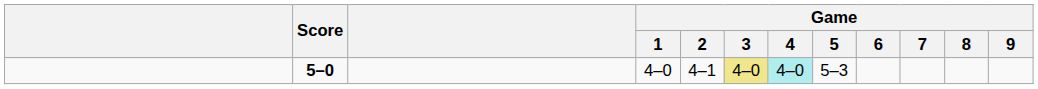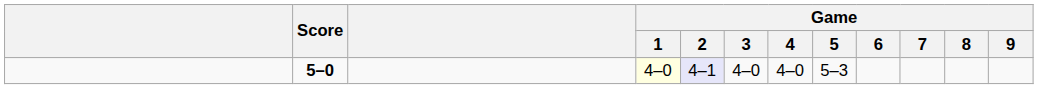 <table class="wikitable" style="text-align: center;">
 <tr>
 <th rowspan=2 align="right" width="270"></th>
 <th rowspan=2 width="45">Score</th>
 <th rowspan=2 align="left" width="270"></th>
 <th colspan=9>Game</th>
 </tr>
 <tr>
 <th width="35">1</th>
 <th width="35">2</th>
 <th width="35">3</th>
 <th width="35">4</th>
 <th width="35">5</th>
 <th width="35">6</th>
 <th width="35">7</th>
 <th width="35">8</th>
 <th width="35">9</th>
 </tr>
 <tr>
 <td align=left><strong><br></strong></td>
 <td align=center><strong>5–0</strong></td>
 <td align=left><br></td>
+<td style="background: lightyellow;">4–0</td>
+<td style="background: lavender;">4–1</td>
 <td>4–0</td>
-<td>4–1</td>
-<td style="background: khaki;">4–0</td>
-<td style="background: paleturquoise;">4–0</td>
+<td>4–0</td>
 <td>5–3</td>
 <td></td>
 <td></td>
 <td></td>
 <td></td>
 </tr>
 </table>
